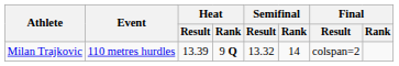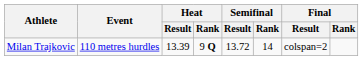 <table class=wikitable style=font-size:90%>
 <tr>
 <th rowspan=2>Athlete</th>
 <th rowspan=2>Event</th>
 <th colspan=2>Heat</th>
 <th colspan=2>Semifinal</th>
 <th colspan=2>Final</th>
 </tr>
 <tr style=font-size:95%>
 <th>Result</th>
 <th>Rank</th>
 <th>Result</th>
 <th>Rank</th>
 <th>Result</th>
 <th>Rank</th>
 </tr>
 <tr align=center>
 <td align=left><a href='#'>Milan Trajkovic</a></td>
 <td align=left><a href='#'>110 metres hurdles</a></td>
 <td>13.39</td>
 <td>9 <strong>Q</strong></td>
-<td>13.32</td>
+<td>13.72</td>
 <td>14</td>
 <td>colspan=2 </td>
 </tr>
 </table>
